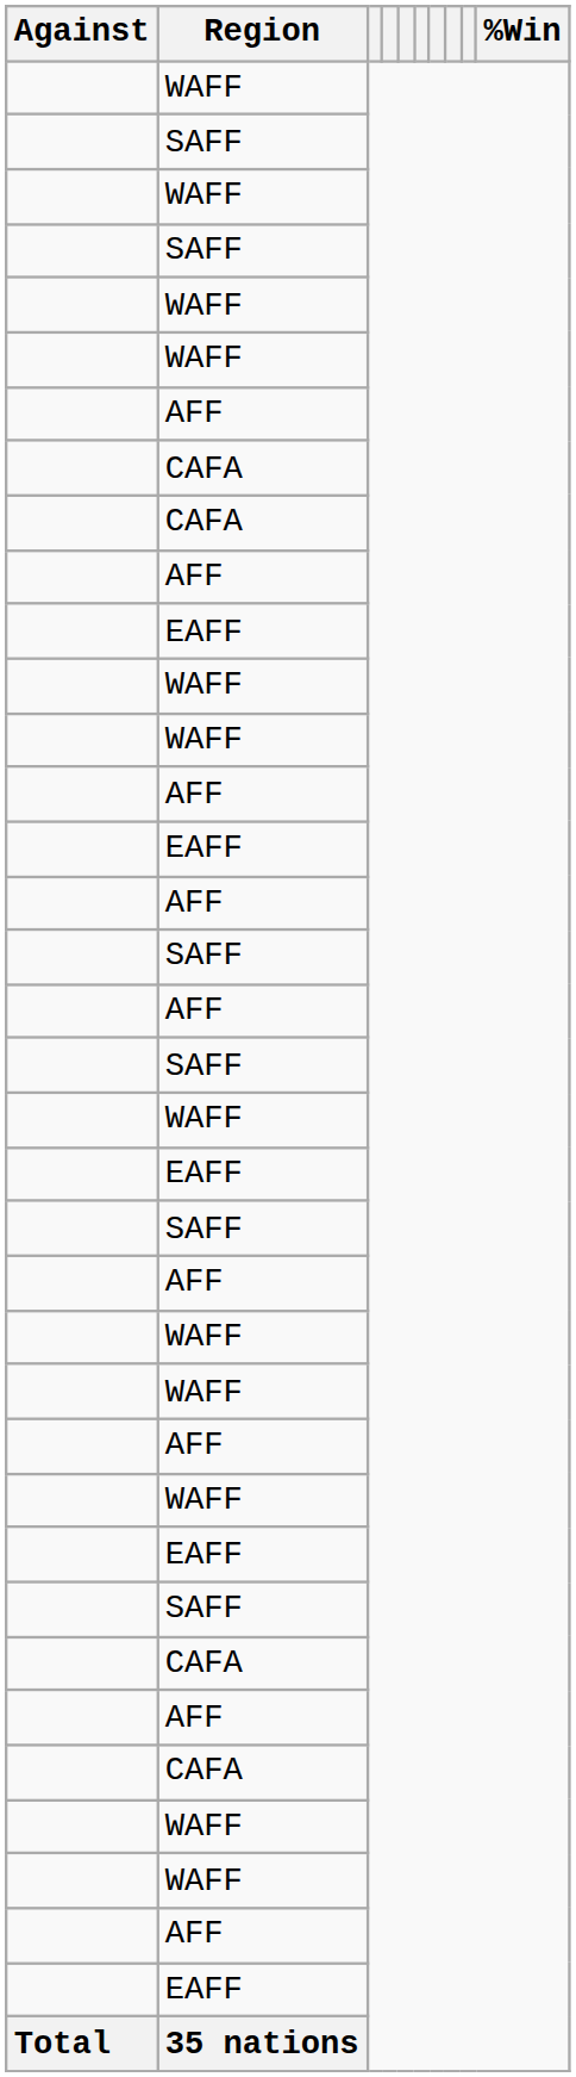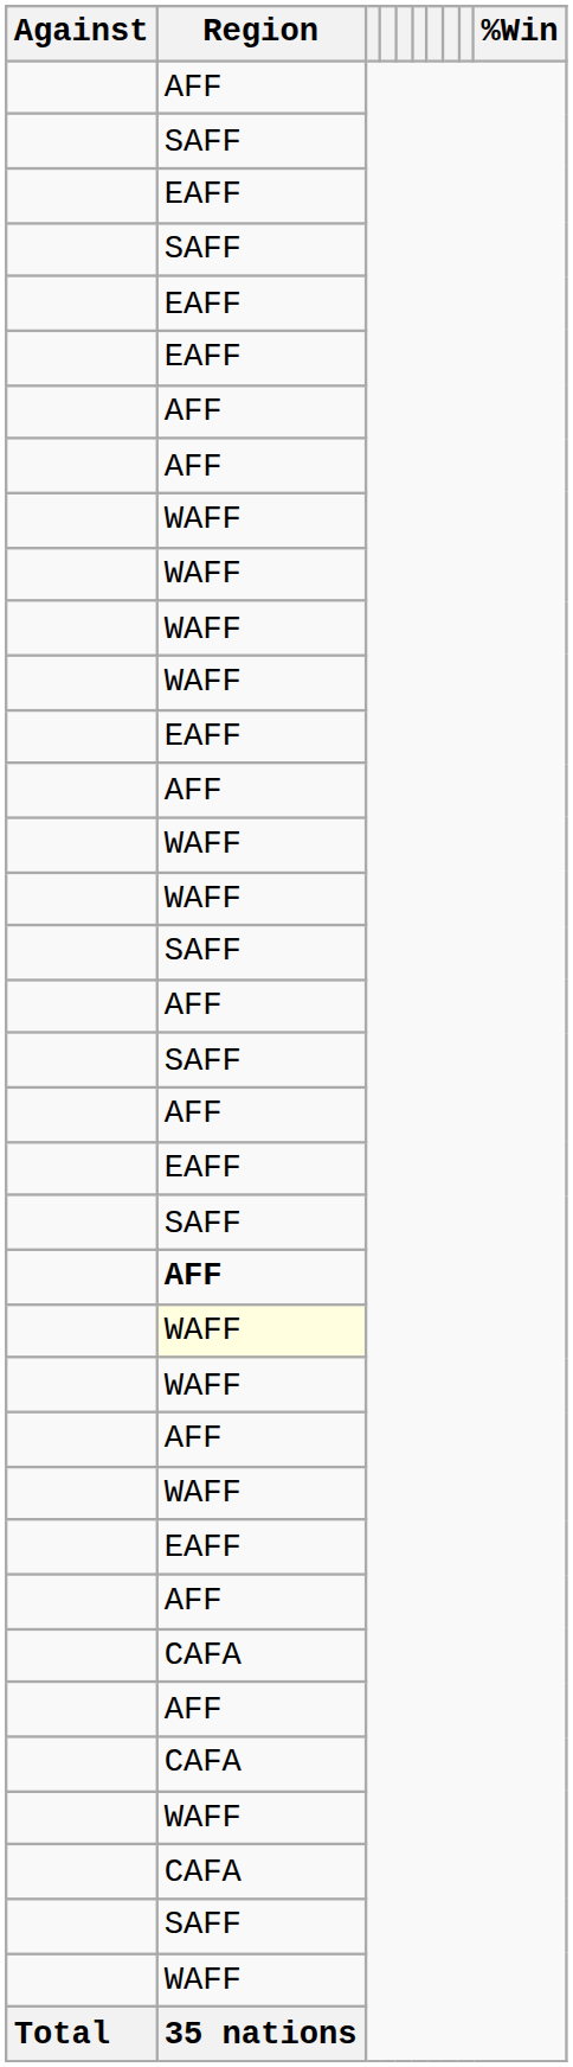 <table class="wikitable sortable" style="text-align: left;font-size:90%;">
 <tr>
 <th>Against</th>
 <th>Region</th>
 <th></th>
 <th></th>
 <th></th>
 <th></th>
 <th></th>
 <th></th>
 <th></th>
 <th>%Win</th>
 </tr>
 <tr>
 <td></td>
-<td>WAFF<br></td>
+<td>AFF<br></td>
 </tr>
 <tr>
 <td></td>
 <td>SAFF<br></td>
 </tr>
 <tr>
 <td></td>
-<td>WAFF<br></td>
+<td>EAFF<br></td>
 </tr>
 <tr>
 <td></td>
 <td>SAFF<br></td>
+</tr>
+<tr>
+<td></td>
+<td>EAFF<br></td>
+</tr>
+<tr>
+<td></td>
+<td>EAFF<br></td>
+</tr>
+<tr>
+<td></td>
+<td>AFF<br></td>
+</tr>
+<tr>
+<td></td>
+<td>AFF<br></td>
 </tr>
 <tr>
 <td></td>
 <td>WAFF<br></td>
 </tr>
 <tr>
 <td></td>
 <td>WAFF<br></td>
 </tr>
 <tr>
 <td></td>
-<td>AFF<br></td>
+<td>WAFF<br></td>
 </tr>
 <tr>
 <td></td>
-<td>CAFA<br></td>
+<td>WAFF<br></td>
 </tr>
 <tr>
 <td></td>
-<td>CAFA<br></td>
+<td>EAFF<br></td>
 </tr>
 <tr>
 <td></td>
 <td>AFF<br></td>
-</tr>
-<tr>
-<td></td>
-<td>EAFF<br></td>
 </tr>
 <tr>
 <td></td>
 <td>WAFF<br></td>
 </tr>
 <tr>
 <td></td>
 <td>WAFF<br></td>
 </tr>
 <tr>
 <td></td>
-<td>AFF<br></td>
-</tr>
-<tr>
-<td></td>
-<td>EAFF<br></td>
+<td>SAFF<br></td>
 </tr>
 <tr>
 <td></td>
 <td>AFF<br></td>
 </tr>
 <tr>
 <td></td>
 <td>SAFF<br></td>
 </tr>
 <tr>
 <td></td>
 <td>AFF<br></td>
 </tr>
 <tr>
 <td></td>
-<td>SAFF<br></td>
-</tr>
-<tr>
-<td></td>
-<td>WAFF<br></td>
-</tr>
-<tr>
-<td></td>
 <td>EAFF<br></td>
 </tr>
 <tr>
 <td></td>
 <td>SAFF<br></td>
 </tr>
 <tr>
 <td></td>
-<td>AFF<br></td>
+<td><strong>AFF<br></strong></td>
 </tr>
 <tr>
 <td></td>
-<td>WAFF<br></td>
+<td style="background: lightyellow;">WAFF<br></td>
 </tr>
 <tr>
 <td></td>
 <td>WAFF<br></td>
 </tr>
 <tr>
 <td></td>
 <td>AFF<br></td>
 </tr>
 <tr>
 <td></td>
 <td>WAFF<br></td>
 </tr>
 <tr>
 <td></td>
 <td>EAFF<br></td>
 </tr>
 <tr>
 <td></td>
-<td>SAFF<br></td>
+<td>AFF<br></td>
 </tr>
 <tr>
 <td></td>
 <td>CAFA<br></td>
 </tr>
 <tr>
 <td></td>
 <td>AFF<br></td>
 </tr>
 <tr>
 <td></td>
 <td>CAFA<br></td>
 </tr>
 <tr>
 <td></td>
 <td>WAFF<br></td>
 </tr>
 <tr>
 <td></td>
-<td>WAFF<br></td>
+<td>CAFA<br></td>
 </tr>
 <tr>
 <td></td>
-<td>AFF<br></td>
+<td>SAFF<br></td>
 </tr>
 <tr>
 <td></td>
-<td>EAFF<br></td>
+<td>WAFF<br></td>
 </tr>
 <tr class="sortbottom">
 <th style="text-align:left;">Total</th>
 <th>35 nations<br></th>
 </tr>
 </table>
